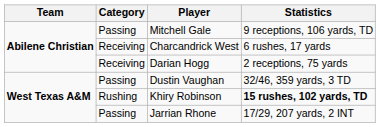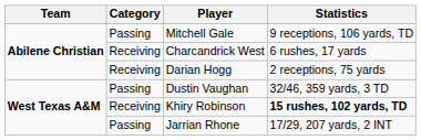 <table class="wikitable" style="float: left;">
 <tr>
 <th>Team</th>
 <th>Category</th>
 <th>Player</th>
 <th>Statistics</th>
 </tr>
 <tr>
 <td rowspan=3><strong>Abilene Christian</strong></td>
 <td>Passing</td>
 <td>Mitchell Gale</td>
 <td>9 receptions, 106 yards, TD</td>
 </tr>
 <tr>
 <td>Receiving</td>
 <td>Charcandrick West</td>
 <td>6 rushes, 17 yards</td>
 </tr>
 <tr>
 <td>Receiving</td>
 <td>Darian Hogg</td>
 <td>2 receptions, 75 yards</td>
 </tr>
 <tr>
 <td rowspan=3><strong>West Texas A&M</strong></td>
 <td>Passing</td>
 <td>Dustin Vaughan</td>
 <td>32/46, 359 yards, 3 TD</td>
 </tr>
 <tr>
-<td>Rushing</td>
+<td>Receiving</td>
 <td>Khiry Robinson</td>
 <td><strong>15 rushes, 102 yards, TD</strong></td>
 </tr>
 <tr>
 <td>Passing</td>
 <td>Jarrian Rhone</td>
 <td>17/29, 207 yards, 2 INT</td>
 </tr>
 </table>
